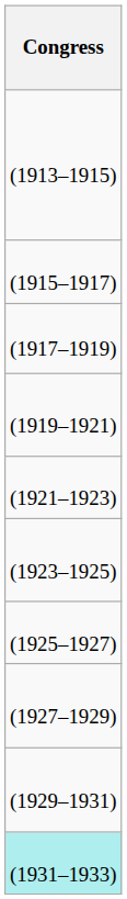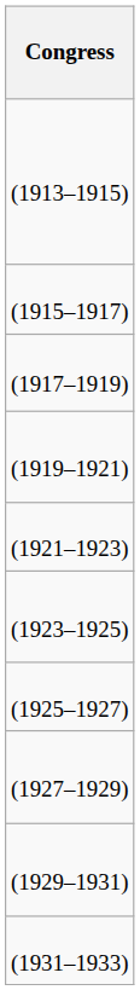 <table class="wikitable" style="float:left; margin:0; margin-right:-0.5px; margin-top:14px; text-align:center;">
 <tr style="white-space:nowrap; height:4.06em;">
 <th>Congress</th>
 </tr>
 <tr style="white-space:nowrap; height:7.25em;">
 <td><strong></strong><br>(1913–1915)</td>
 </tr>
 <tr style="white-space:nowrap; height:3.06em">
 <td><strong></strong><br>(1915–1917)</td>
 </tr>
 <tr style="white-space:nowrap; height:3.36em">
 <td><strong></strong><br>(1917–1919)</td>
 </tr>
 <tr style="white-space:nowrap; height:4.02em">
 <td><strong></strong><br>(1919–1921)</td>
 </tr>
 <tr style="white-space:nowrap; height:3em">
 <td><strong></strong><br>(1921–1923)</td>
 </tr>
 <tr style="white-space:nowrap; height:4.02em;">
 <td><strong></strong><br>(1923–1925)</td>
 </tr>
 <tr style="white-space:nowrap; height:3em">
 <td><strong></strong><br>(1925–1927)</td>
 </tr>
 <tr style="white-space:nowrap; height:4.06em">
 <td><strong></strong><br>(1927–1929)</td>
 </tr>
 <tr style="white-space:nowrap; height:4.06em">
 <td><strong></strong><br>(1929–1931)</td>
 </tr>
 <tr style="white-space:nowrap; height:3em">
-<td style="background: paleturquoise;"><strong></strong><br>(1931–1933)</td>
+<td><strong></strong><br>(1931–1933)</td>
 </tr>
 </table>
